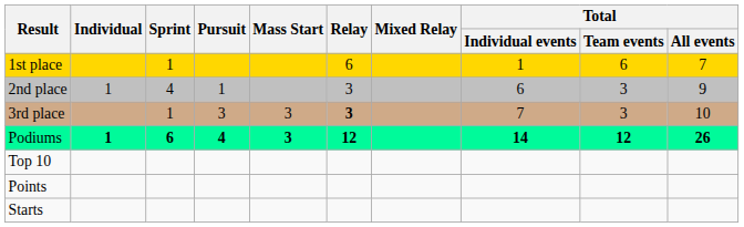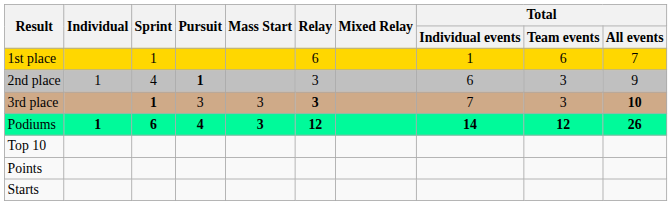 <table class="wikitable" style="text-align: center;">
 <tr align=left bgcolor=#DDDDDD>
 <th rowspan="2">Result</th>
 <th rowspan="2">Individual</th>
 <th rowspan="2">Sprint</th>
 <th rowspan="2">Pursuit</th>
 <th rowspan="2">Mass Start</th>
 <th rowspan="2">Relay</th>
 <th rowspan="2">Mixed Relay</th>
 <th colspan="3">Total</th>
 </tr>
 <tr>
 <th>Individual events</th>
 <th>Team events</th>
 <th>All events</th>
 </tr>
 <tr bgcolor=gold>
 <td align=left>1st place</td>
 <td></td>
 <td>1</td>
 <td></td>
 <td></td>
 <td>6</td>
 <td></td>
 <td>1</td>
 <td>6</td>
 <td>7</td>
 </tr>
 <tr bgcolor=silver>
 <td align=left>2nd place</td>
 <td>1</td>
 <td>4</td>
-<td>1</td>
+<td><strong>1</strong></td>
 <td></td>
 <td>3</td>
 <td></td>
 <td>6</td>
 <td>3</td>
 <td>9</td>
 </tr>
 <tr bgcolor="#CFAA88">
 <td align=left>3rd place</td>
 <td></td>
-<td>1</td>
+<td><strong>1</strong></td>
 <td>3</td>
 <td>3</td>
 <td><strong>3</strong></td>
 <td></td>
 <td>7</td>
 <td>3</td>
-<td>10</td>
+<td><strong>10</strong></td>
 </tr>
 <tr style="background:#00FA9A;">
 <td align=left>Podiums</td>
 <td><strong>1</strong></td>
 <td><strong>6</strong></td>
 <td><strong>4</strong></td>
 <td><strong>3</strong></td>
 <td><strong>12</strong></td>
 <td></td>
 <td><strong>14</strong></td>
 <td><strong>12</strong></td>
 <td><strong>26</strong></td>
 </tr>
 <tr>
 <td align=left>Top 10</td>
 <td></td>
 <td></td>
 <td></td>
 <td></td>
 <td></td>
 <td></td>
 <td></td>
 <td></td>
 <td></td>
 </tr>
 <tr>
 <td align=left>Points</td>
 <td></td>
 <td></td>
 <td></td>
 <td></td>
 <td></td>
 <td></td>
 <td></td>
 <td></td>
 <td></td>
 </tr>
 <tr>
 <td align=left>Starts</td>
 <td></td>
 <td></td>
 <td></td>
 <td></td>
 <td></td>
 <td></td>
 <td></td>
 <td></td>
 <td></td>
 </tr>
 </table>
